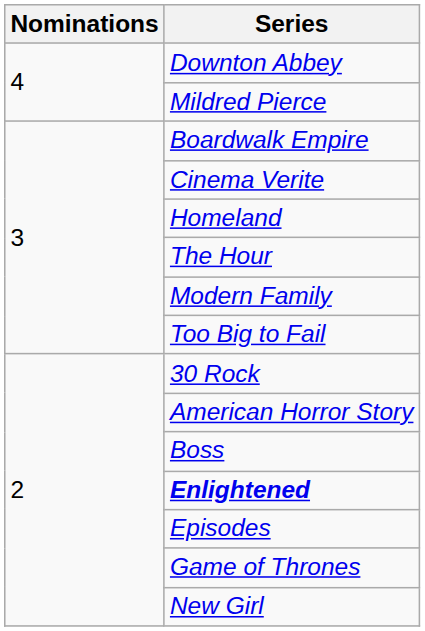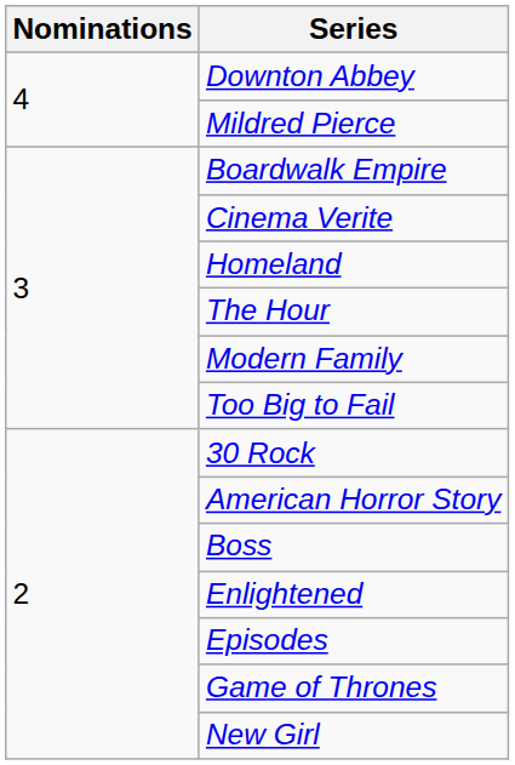 <table class="wikitable">
 <tr>
 <th>Nominations</th>
 <th>Series</th>
 </tr>
 <tr>
 <td rowspan="2">4</td>
 <td><em><a href='#'>Downton Abbey</a></em></td>
 </tr>
 <tr>
 <td><em><a href='#'>Mildred Pierce</a></em></td>
 </tr>
 <tr>
 <td rowspan="6">3</td>
 <td><em><a href='#'>Boardwalk Empire</a></em></td>
 </tr>
 <tr>
 <td><em><a href='#'>Cinema Verite</a></em></td>
 </tr>
 <tr>
 <td><em><a href='#'>Homeland</a></em></td>
 </tr>
 <tr>
 <td><em><a href='#'>The Hour</a></em></td>
 </tr>
 <tr>
 <td><em><a href='#'>Modern Family</a></em></td>
 </tr>
 <tr>
 <td><em><a href='#'>Too Big to Fail</a></em></td>
 </tr>
 <tr>
 <td rowspan="7">2</td>
 <td><em><a href='#'>30 Rock</a></em></td>
 </tr>
 <tr>
 <td><em><a href='#'>American Horror Story</a></em></td>
 </tr>
 <tr>
 <td><em><a href='#'>Boss</a></em></td>
 </tr>
 <tr>
-<td><strong><em><a href='#'>Enlightened</a></em></strong></td>
+<td><em><a href='#'>Enlightened</a></em></td>
 </tr>
 <tr>
 <td><em><a href='#'>Episodes</a></em></td>
 </tr>
 <tr>
 <td><em><a href='#'>Game of Thrones</a></em></td>
 </tr>
 <tr>
 <td><em><a href='#'>New Girl</a></em></td>
 </tr>
 </table>
